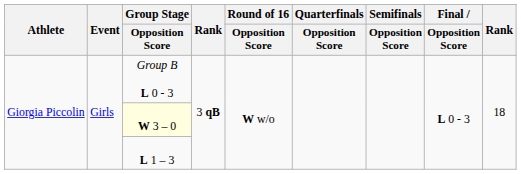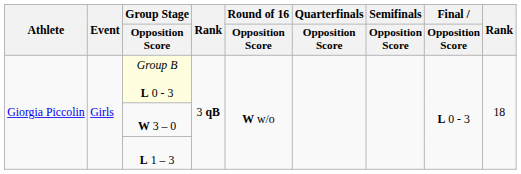 <table class=wikitable style="font-size:90%">
 <tr>
 <th rowspan="2">Athlete</th>
 <th rowspan="2">Event</th>
 <th>Group Stage</th>
 <th rowspan="2">Rank</th>
 <th>Round of 16</th>
 <th>Quarterfinals</th>
 <th>Semifinals</th>
 <th>Final / </th>
 <th rowspan=2>Rank</th>
 </tr>
 <tr style="font-size:95%">
 <th>Opposition<br>Score</th>
 <th>Opposition<br>Score</th>
 <th>Opposition<br>Score</th>
 <th>Opposition<br>Score</th>
 <th>Opposition<br>Score</th>
 </tr>
 <tr align=center>
 <td align=left rowspan=3><a href='#'>Giorgia Piccolin</a></td>
 <td align=left rowspan=3><a href='#'>Girls</a></td>
-<td><em>Group B</em><br><br><strong>L</strong> 0 - 3</td>
+<td style="background: lightyellow;"><em>Group B</em><br><br><strong>L</strong> 0 - 3</td>
 <td rowspan=3>3 <strong>qB</strong></td>
 <td rowspan=3><br><strong>W</strong> w/o</td>
 <td rowspan=3></td>
 <td rowspan=3></td>
 <td rowspan=3><br><strong>L</strong> 0 - 3</td>
 <td rowspan=3>18</td>
 </tr>
 <tr align=center>
-<td style="background: lightyellow;"><br><strong>W</strong> 3 – 0</td>
+<td><br><strong>W</strong> 3 – 0</td>
 </tr>
 <tr align=center>
 <td><br><strong>L</strong> 1 – 3</td>
 </tr>
 </table>
